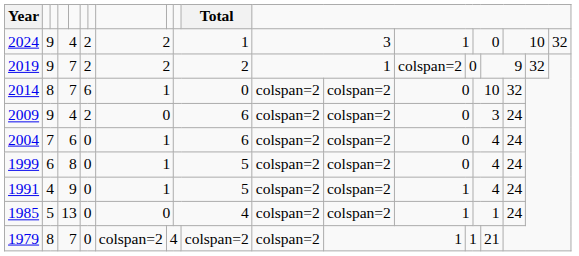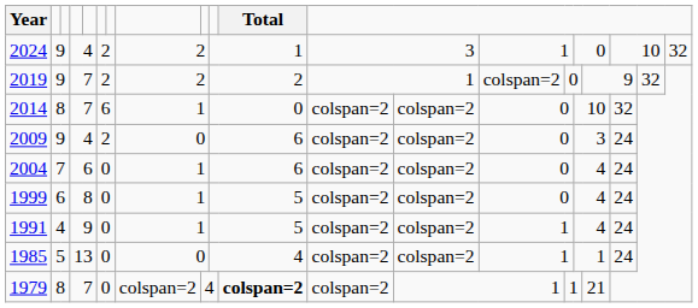 <table class="wikitable" style="text-align:right; padding-left:1em">
 <tr>
 <th align="left">Year</th>
 <td></td>
 <td></td>
 <td></td>
 <td></td>
 <td></td>
 <td></td>
 <td></td>
 <td></td>
 <td></td>
 <th align="left">Total</th>
 </tr>
 <tr>
 <td align=left><a href='#'>2024</a></td>
 <td colspan=2>9</td>
 <td colspan=2>4</td>
 <td colspan=2>2</td>
 <td colspan=2>2</td>
 <td colspan=2>1</td>
 <td colspan=2>3</td>
 <td colspan=2>1</td>
 <td colspan=2>0</td>
 <td colspan=2>10</td>
 <td>32</td>
 </tr>
 <tr>
 <td align=left><a href='#'>2019</a></td>
 <td colspan=2>9</td>
 <td colspan=2>7</td>
 <td colspan=2>2</td>
 <td colspan=2>2</td>
 <td colspan=2>2</td>
 <td colspan=2>1</td>
 <td>colspan=2 </td>
 <td colspan=2>0</td>
 <td colspan=2>9</td>
 <td>32</td>
 </tr>
 <tr>
 <td align=left><a href='#'>2014</a></td>
 <td colspan=2>8</td>
 <td colspan=2>7</td>
 <td colspan=2>6</td>
 <td colspan=2>1</td>
 <td colspan=2>0</td>
 <td>colspan=2 </td>
 <td>colspan=2 </td>
 <td colspan=2>0</td>
 <td colspan=2>10</td>
 <td>32</td>
 </tr>
 <tr>
 <td align=left><a href='#'>2009</a></td>
 <td colspan=2>9</td>
 <td colspan=2>4</td>
 <td colspan=2>2</td>
 <td colspan=2>0</td>
 <td colspan=2>6</td>
 <td>colspan=2 </td>
 <td>colspan=2 </td>
 <td colspan=2>0</td>
 <td colspan=2>3</td>
 <td>24</td>
 </tr>
 <tr>
 <td align=left><a href='#'>2004</a></td>
 <td colspan=2>7</td>
 <td colspan=2>6</td>
 <td colspan=2>0</td>
 <td colspan=2>1</td>
 <td colspan=2>6</td>
 <td>colspan=2 </td>
 <td>colspan=2 </td>
 <td colspan=2>0</td>
 <td colspan=2>4</td>
 <td>24</td>
 </tr>
 <tr>
 <td align=left><a href='#'>1999</a></td>
 <td colspan=2>6</td>
 <td colspan=2>8</td>
 <td colspan=2>0</td>
 <td colspan=2>1</td>
 <td colspan=2>5</td>
 <td>colspan=2 </td>
 <td>colspan=2 </td>
 <td colspan=2>0</td>
 <td colspan=2>4</td>
 <td>24</td>
 </tr>
 <tr>
 <td align=left><a href='#'>1991</a></td>
 <td colspan=2>4</td>
 <td colspan=2>9</td>
 <td colspan=2>0</td>
 <td colspan=2>1</td>
 <td colspan=2>5</td>
 <td>colspan=2 </td>
 <td>colspan=2 </td>
 <td colspan=2>1</td>
 <td colspan=2>4</td>
 <td>24</td>
 </tr>
 <tr>
 <td align=left><a href='#'>1985</a></td>
 <td colspan=2>5</td>
 <td colspan=2>13</td>
 <td colspan=2>0</td>
 <td colspan=2>0</td>
 <td colspan=2>4</td>
 <td>colspan=2 </td>
 <td>colspan=2 </td>
 <td colspan=2>1</td>
 <td colspan=2>1</td>
 <td>24</td>
 </tr>
 <tr>
 <td align=left><a href='#'>1979</a></td>
 <td colspan=2>8</td>
 <td colspan=2>7</td>
 <td colspan=2>0</td>
 <td>colspan=2 </td>
 <td colspan=2>4</td>
-<td>colspan=2 </td>
+<td><strong>colspan=2 </strong></td>
 <td>colspan=2 </td>
 <td colspan=2>1</td>
 <td colspan=2>1</td>
 <td>21</td>
 </tr>
 </table>
